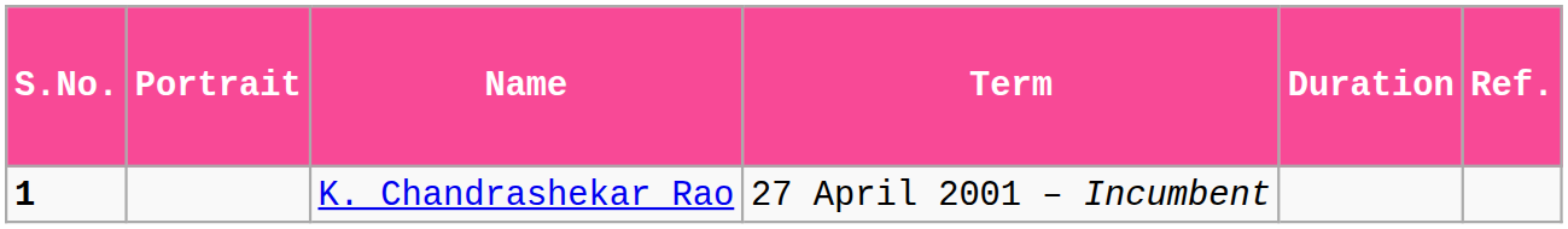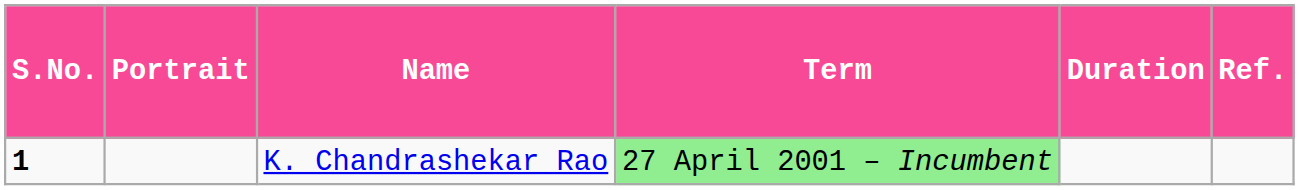 <table class="sortable wikitable">
 <tr>
 <th rowspan ="2" style="background-color:#F84996; color:white">S.No.</th>
 <th rowspan ="2" style="background-color:#F84996; color:white">Portrait</th>
 <th rowspan ="2" style="background-color:#F84996; color:white">Name</th>
 <th rowspan ="2" style="background-color:#F84996; color:white">Term<br></th>
 <th rowspan ="2" style="background-color:#F84996; color:white">Duration</th>
 <th rowspan ="2" style="background-color:#F84996; color:white">Ref.</th>
 </tr>
 <tr style="text-align:center; height:60px;">
 </tr>
 <tr>
 <td><strong>1</strong></td>
 <td></td>
 <td><a href='#'>K. Chandrashekar Rao</a></td>
-<td>27 April 2001 – <em>Incumbent</em></td>
+<td style="background: lightgreen;">27 April 2001 – <em>Incumbent</em></td>
 <td></td>
 <td></td>
 </tr>
 </table>
